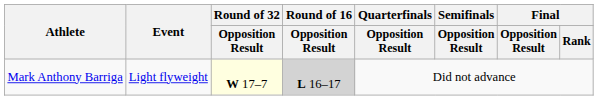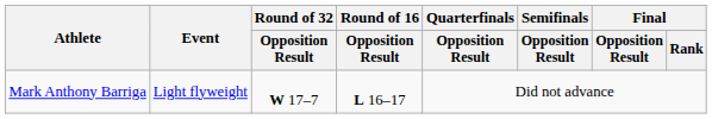 <table class="wikitable" style="font-size:90%">
 <tr>
 <th rowspan="2">Athlete</th>
 <th rowspan="2">Event</th>
 <th>Round of 32</th>
 <th>Round of 16</th>
 <th>Quarterfinals</th>
 <th>Semifinals</th>
 <th colspan=2>Final</th>
 </tr>
 <tr style="font-size:95%">
 <th>Opposition<br>Result</th>
 <th>Opposition<br>Result</th>
 <th>Opposition<br>Result</th>
 <th>Opposition<br>Result</th>
 <th>Opposition<br>Result</th>
 <th>Rank</th>
 </tr>
 <tr align=center>
 <td align=left><a href='#'>Mark Anthony Barriga</a></td>
 <td align=left><a href='#'>Light flyweight</a></td>
-<td style="background: lightyellow;"><br><strong>W</strong> 17–7</td>
-<td style="background: lightgrey;"><br><strong>L</strong> 16–17</td>
+<td><br><strong>W</strong> 17–7</td>
+<td><br><strong>L</strong> 16–17</td>
 <td colspan=4>Did not advance</td>
 </tr>
 </table>
